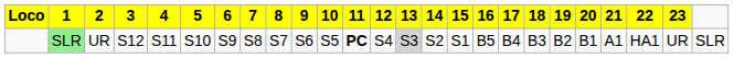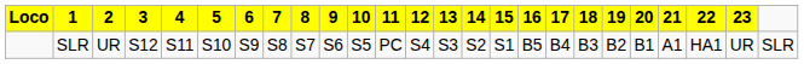 <table class="wikitable plainrowheaders unsortable" style="text-align:center">
 <tr>
 <th scope="col" style="background:yellow;">Loco</th>
 <th scope="col" style="background:yellow;">1</th>
 <th scope="col" style="background:yellow;">2</th>
 <th scope="col" style="background:yellow;">3</th>
 <th scope="col" style="background:yellow;">4</th>
 <th scope="col" style="background:yellow;">5</th>
 <th scope="col" style="background:yellow;">6</th>
 <th scope="col" style="background:yellow;">7</th>
 <th scope="col" style="background:yellow;">8</th>
 <th scope="col" style="background:yellow;">9</th>
 <th scope="col" style="background:yellow;">10</th>
 <th scope="col" style="background:yellow;">11</th>
 <th scope="col" style="background:yellow;">12</th>
 <th scope="col" style="background:yellow;">13</th>
 <th scope="col" style="background:yellow;">14</th>
 <th scope="col" style="background:yellow;">15</th>
 <th scope="col" style="background:yellow;">16</th>
 <th scope="col" style="background:yellow;">17</th>
 <th scope="col" style="background:yellow;">18</th>
 <th scope="col" style="background:yellow;">19</th>
 <th scope="col" style="background:yellow;">20</th>
 <th scope="col" style="background:yellow;">21</th>
 <th scope="col" style="background:yellow;">22</th>
 <th scope="col" style="background:yellow;">23</th>
 </tr>
 <tr>
 <td></td>
-<td style="background: lightgreen;">SLR</td>
+<td>SLR</td>
 <td>UR</td>
 <td>S12</td>
 <td>S11</td>
 <td>S10</td>
 <td>S9</td>
 <td>S8</td>
 <td>S7</td>
 <td>S6</td>
 <td>S5</td>
-<td><strong>PC</strong></td>
+<td>PC</td>
 <td>S4</td>
-<td style="background: lightgrey;">S3</td>
+<td>S3</td>
 <td>S2</td>
 <td>S1</td>
 <td>B5</td>
 <td>B4</td>
 <td>B3</td>
 <td>B2</td>
 <td>B1</td>
 <td>A1</td>
 <td>HA1</td>
 <td>UR</td>
 <td>SLR</td>
 </tr>
 </table>
